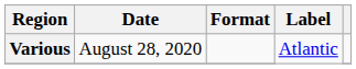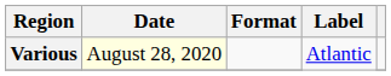 <table class="wikitable plainrowheaders">
 <tr>
 <th scope="col">Region</th>
 <th scope="col">Date</th>
 <th scope="col">Format</th>
 <th scope="col">Label</th>
 <th scope="col"></th>
 </tr>
 <tr>
 <th scope="row">Various</th>
-<td>August 28, 2020</td>
+<td style="background: lightyellow;">August 28, 2020</td>
 <td></td>
 <td rowspan="2"><a href='#'>Atlantic</a></td>
 <td style="text-align:center;"></td>
 </tr>
 <tr>
 </tr>
 </table>
